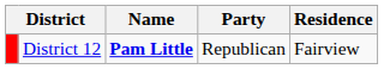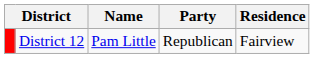 <table class="wikitable">
 <tr>
 <th colspan="2">District</th>
 <th>Name</th>
 <th>Party</th>
 <th>Residence</th>
 </tr>
 <tr>
 <td bgcolor=red> </td>
 <td><a href='#'>District 12</a></td>
-<td><strong><a href='#'>Pam Little</a></strong></td>
+<td><a href='#'>Pam Little</a></td>
 <td>Republican</td>
 <td>Fairview</td>
 </tr>
 </table>
